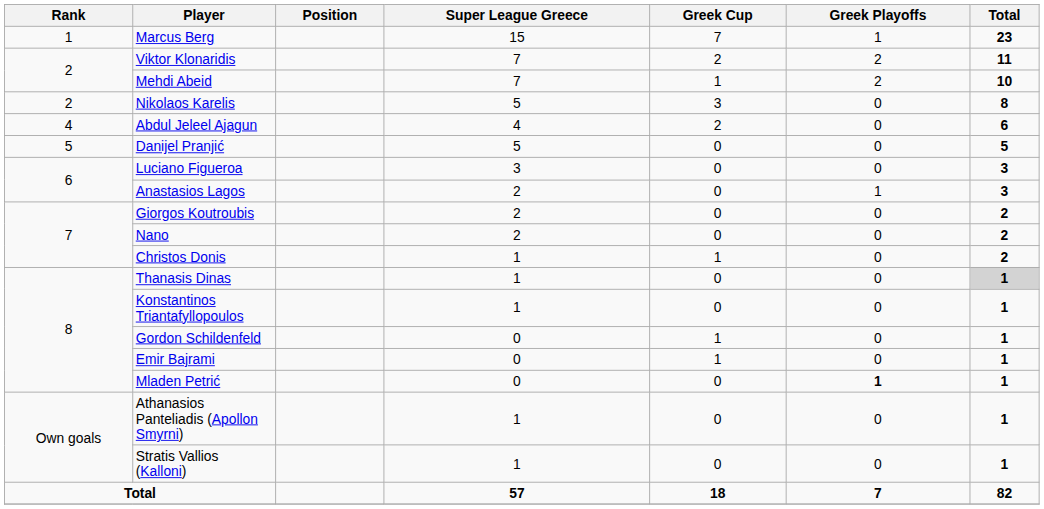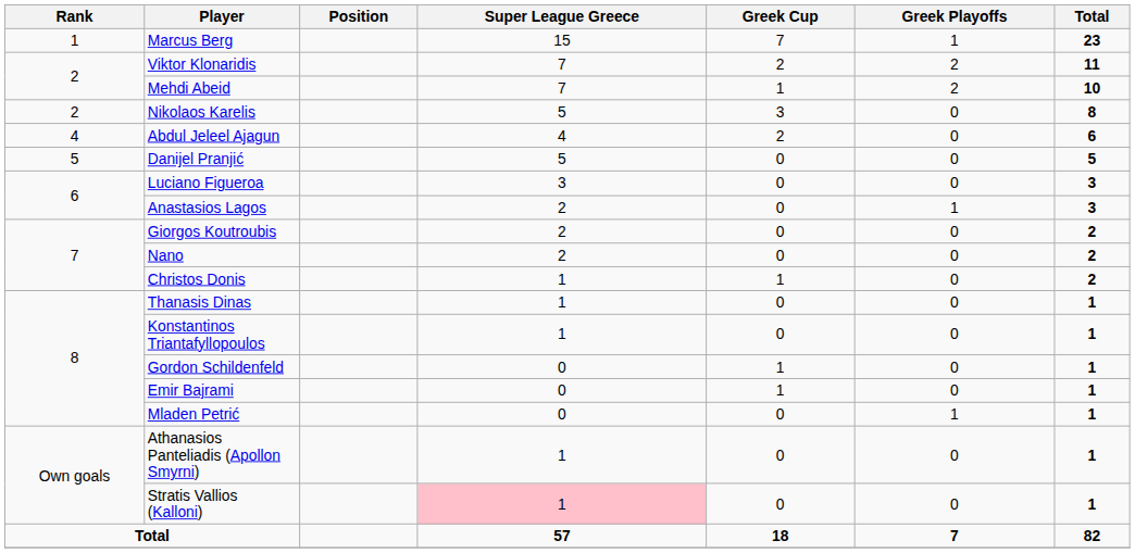 <table class="wikitable sortable" style="width:90%; text-align:center; font-size:95%; text-align:left;">
 <tr>
 <th>Rank</th>
 <th style="width:150px;">Player</th>
 <th>Position</th>
 <th>Super League Greece</th>
 <th>Greek Cup</th>
 <th>Greek Playoffs</th>
 <th>Total</th>
 </tr>
 <tr>
 <td align=center>1</td>
 <td> <a href='#'>Marcus Berg</a></td>
 <td align=center></td>
 <td align=center>15</td>
 <td align=center>7</td>
 <td align=center>1</td>
 <td align=center><strong>23</strong></td>
 </tr>
 <tr>
 <td align=center rowspan=2>2</td>
 <td> <a href='#'>Viktor Klonaridis</a></td>
 <td align=center></td>
 <td align=center>7</td>
 <td align=center>2</td>
 <td align=center>2</td>
 <td align=center><strong>11</strong></td>
 </tr>
 <tr>
 <td> <a href='#'>Mehdi Abeid</a></td>
 <td align=center></td>
 <td align=center>7</td>
 <td align=center>1</td>
 <td align=center>2</td>
 <td align=center><strong>10</strong></td>
 </tr>
 <tr>
 <td align=center>2</td>
 <td> <a href='#'>Nikolaos Karelis</a></td>
 <td align=center></td>
 <td align=center>5</td>
 <td align=center>3</td>
 <td align=center>0</td>
 <td align=center><strong>8</strong></td>
 </tr>
 <tr>
 <td align=center>4</td>
 <td> <a href='#'>Abdul Jeleel Ajagun</a></td>
 <td align=center></td>
 <td align=center>4</td>
 <td align=center>2</td>
 <td align=center>0</td>
 <td align=center><strong>6</strong></td>
 </tr>
 <tr>
 <td align=center>5</td>
 <td> <a href='#'>Danijel Pranjić</a></td>
 <td align=center></td>
 <td align=center>5</td>
 <td align=center>0</td>
 <td align=center>0</td>
 <td align=center><strong>5</strong></td>
 </tr>
 <tr>
 <td align=center rowspan=2>6</td>
 <td> <a href='#'>Luciano Figueroa</a></td>
 <td align=center></td>
 <td align=center>3</td>
 <td align=center>0</td>
 <td align=center>0</td>
 <td align=center><strong>3</strong></td>
 </tr>
 <tr>
 <td> <a href='#'>Anastasios Lagos</a></td>
 <td align=center></td>
 <td align=center>2</td>
 <td align=center>0</td>
 <td align=center>1</td>
 <td align=center><strong>3</strong></td>
 </tr>
 <tr>
 <td align=center rowspan=3>7</td>
 <td> <a href='#'>Giorgos Koutroubis</a></td>
 <td align=center></td>
 <td align=center>2</td>
 <td align=center>0</td>
 <td align=center>0</td>
 <td align=center><strong>2</strong></td>
 </tr>
 <tr>
 <td> <a href='#'>Nano</a></td>
 <td align=center></td>
 <td align=center>2</td>
 <td align=center>0</td>
 <td align=center>0</td>
 <td align=center><strong>2</strong></td>
 </tr>
 <tr>
 <td> <a href='#'>Christos Donis</a></td>
 <td align=center></td>
 <td align=center>1</td>
 <td align=center>1</td>
 <td align=center>0</td>
 <td align=center><strong>2</strong></td>
 </tr>
 <tr>
 <td align=center rowspan=5>8</td>
 <td> <a href='#'>Thanasis Dinas</a></td>
 <td align=center></td>
 <td align=center>1</td>
 <td align=center>0</td>
 <td align=center>0</td>
-<td align=center style="background: lightgrey;"><strong>1</strong></td>
+<td align=center><strong>1</strong></td>
 </tr>
 <tr>
 <td> <a href='#'>Konstantinos Triantafyllopoulos</a></td>
 <td align=center></td>
 <td align=center>1</td>
 <td align=center>0</td>
 <td align=center>0</td>
 <td align=center><strong>1</strong></td>
 </tr>
 <tr>
 <td> <a href='#'>Gordon Schildenfeld</a></td>
 <td align=center></td>
 <td align=center>0</td>
 <td align=center>1</td>
 <td align=center>0</td>
 <td align=center><strong>1</strong></td>
 </tr>
 <tr>
 <td> <a href='#'>Emir Bajrami</a></td>
 <td align=center></td>
 <td align=center>0</td>
 <td align=center>1</td>
 <td align=center>0</td>
 <td align=center><strong>1</strong></td>
 </tr>
 <tr>
 <td> <a href='#'>Mladen Petrić</a></td>
 <td align=center></td>
 <td align=center>0</td>
 <td align=center>0</td>
-<td align=center><strong>1</strong></td>
+<td align=center>1</td>
 <td align=center><strong>1</strong></td>
 </tr>
 <tr>
 <td align=center rowspan=2>Own goals</td>
 <td> Athanasios Panteliadis (<a href='#'>Apollon Smyrni</a>)</td>
 <td align=center></td>
 <td align=center>1</td>
 <td align=center>0</td>
 <td align=center>0</td>
 <td align=center><strong>1</strong></td>
 </tr>
 <tr>
 <td>  Stratis Vallios (<a href='#'>Kalloni</a>)</td>
 <td align=center></td>
-<td align=center>1</td>
+<td align=center style="background: pink;">1</td>
 <td align=center>0</td>
 <td align=center>0</td>
 <td align=center><strong>1</strong></td>
 </tr>
 <tr>
 <td align=center colspan=2><strong>Total</strong></td>
 <td align=center></td>
 <td align=center><strong>57</strong></td>
 <td align=center><strong>18</strong></td>
 <td align=center><strong>7</strong></td>
 <td align=center><strong>82</strong></td>
 </tr>
 <tr>
 </tr>
 </table>
